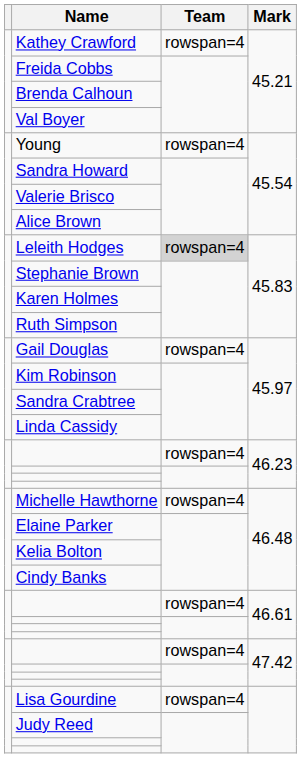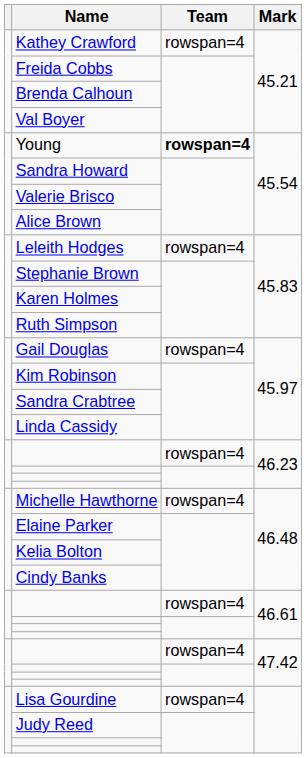 <table class=wikitable>
 <tr>
 <th></th>
 <th>Name</th>
 <th>Team</th>
 <th>Mark</th>
 </tr>
 <tr>
 <td rowspan=4></td>
 <td><a href='#'>Kathey Crawford</a></td>
 <td>rowspan=4 </td>
 <td rowspan=4>45.21</td>
 </tr>
 <tr>
 <td><a href='#'>Freida Cobbs</a></td>
 </tr>
 <tr>
 <td><a href='#'>Brenda Calhoun</a></td>
 </tr>
 <tr>
 <td><a href='#'>Val Boyer</a></td>
 </tr>
 <tr>
 <td rowspan=4></td>
 <td>Young</td>
-<td>rowspan=4 </td>
+<td><strong>rowspan=4 </strong></td>
 <td rowspan=4>45.54</td>
 </tr>
 <tr>
 <td><a href='#'>Sandra Howard</a></td>
 </tr>
 <tr>
 <td><a href='#'>Valerie Brisco</a></td>
 </tr>
 <tr>
 <td><a href='#'>Alice Brown</a></td>
 </tr>
 <tr>
 <td rowspan=4></td>
 <td><a href='#'>Leleith Hodges</a></td>
-<td style="background: lightgrey;">rowspan=4 </td>
+<td>rowspan=4 </td>
 <td rowspan=4>45.83</td>
 </tr>
 <tr>
 <td><a href='#'>Stephanie Brown</a></td>
 </tr>
 <tr>
 <td><a href='#'>Karen Holmes</a></td>
 </tr>
 <tr>
 <td><a href='#'>Ruth Simpson</a></td>
 </tr>
 <tr>
 <td rowspan=4></td>
 <td><a href='#'>Gail Douglas</a></td>
 <td>rowspan=4 </td>
 <td rowspan=4>45.97</td>
 </tr>
 <tr>
 <td><a href='#'>Kim Robinson</a></td>
 </tr>
 <tr>
 <td><a href='#'>Sandra Crabtree</a></td>
 </tr>
 <tr>
 <td><a href='#'>Linda Cassidy</a></td>
 </tr>
 <tr>
 <td rowspan=4></td>
 <td></td>
 <td>rowspan=4 </td>
 <td rowspan=4>46.23</td>
 </tr>
 <tr>
 <td></td>
 </tr>
 <tr>
 <td></td>
 </tr>
 <tr>
 <td></td>
 </tr>
 <tr>
 <td rowspan=4></td>
 <td><a href='#'>Michelle Hawthorne</a></td>
 <td>rowspan=4 </td>
 <td rowspan=4>46.48</td>
 </tr>
 <tr>
 <td><a href='#'>Elaine Parker</a></td>
 </tr>
 <tr>
 <td><a href='#'>Kelia Bolton</a></td>
 </tr>
 <tr>
 <td><a href='#'>Cindy Banks</a></td>
 </tr>
 <tr>
 <td rowspan=4></td>
 <td></td>
 <td>rowspan=4 </td>
 <td rowspan=4>46.61</td>
 </tr>
 <tr>
 <td></td>
 </tr>
 <tr>
 <td></td>
 </tr>
 <tr>
 <td></td>
 </tr>
 <tr>
 <td rowspan=4></td>
 <td></td>
 <td>rowspan=4 </td>
 <td rowspan=4>47.42</td>
 </tr>
 <tr>
 <td></td>
 </tr>
 <tr>
 <td></td>
 </tr>
 <tr>
 <td></td>
 </tr>
 <tr>
 <td rowspan=4></td>
 <td><a href='#'>Lisa Gourdine</a></td>
 <td>rowspan=4 </td>
 <td rowspan=4></td>
 </tr>
 <tr>
 <td><a href='#'>Judy Reed</a></td>
 </tr>
 <tr>
 <td></td>
 </tr>
 <tr>
 <td></td>
 </tr>
 </table>
